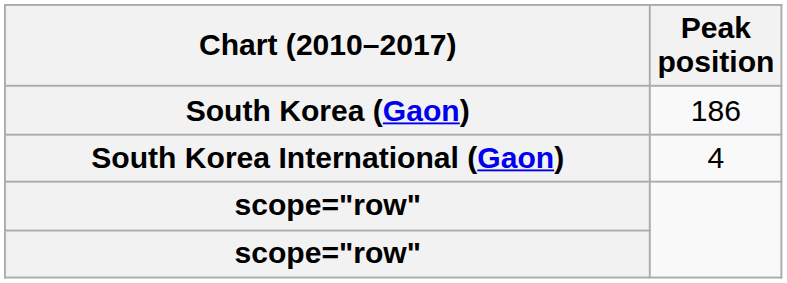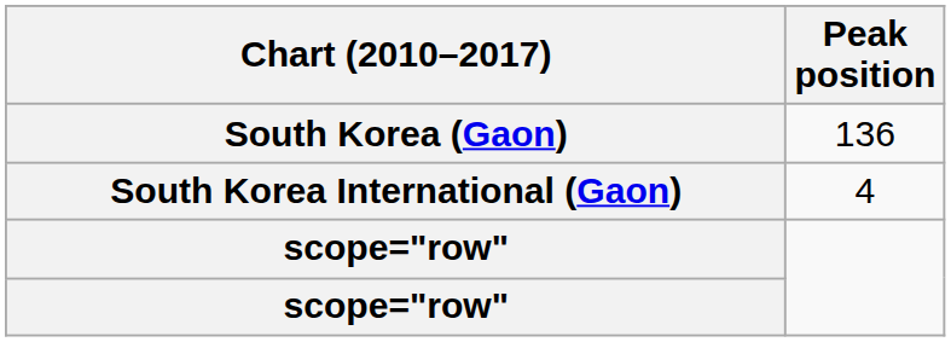 <table class="wikitable sortable plainrowheaders" style="text-align:center">
 <tr>
 <th scope="col" style="width:21em;">Chart (2010–2017)</th>
 <th scope="col">Peak<br>position</th>
 </tr>
 <tr>
 <th scope="row">South Korea (<a href='#'>Gaon</a>)</th>
-<td>186</td>
+<td>136</td>
 </tr>
 <tr>
 <th scope="row">South Korea International (<a href='#'>Gaon</a>)</th>
 <td>4</td>
 </tr>
 <tr>
 <th>scope="row" </th>
 </tr>
 <tr>
 <th>scope="row" </th>
 </tr>
 </table>
